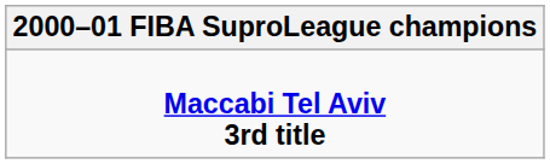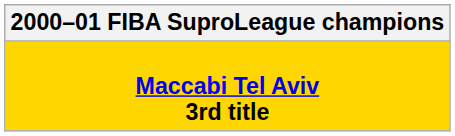 <table class=wikitable style="text-align:center; margin:auto">
 <tr>
 <th>2000–01 FIBA SuproLeague champions</th>
 </tr>
 <tr>
-<td><br><strong><a href='#'>Maccabi Tel Aviv</a></strong><br><strong>3rd title</strong></td>
+<td style="background: gold;"><br><strong><a href='#'>Maccabi Tel Aviv</a></strong><br><strong>3rd title</strong></td>
 </tr>
 </table>
